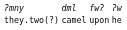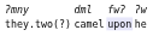 <table>
 <tr>
 <td><em>ʔmny</em></td>
 <td><em>dml</em></td>
 <td><em>fwʔ</em></td>
 <td><em>ʔw</em></td>
 </tr>
 <tr>
 <td>they.two(?)</td>
 <td>camel</td>
-<td>upon</td>
+<td style="background: lavender;">upon</td>
 <td>he</td>
 </tr>
 </table>
